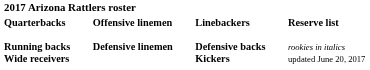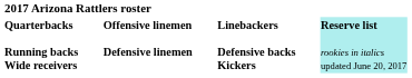 <table class="toccolours" style="text-align: left;">
 <tr>
 <th colspan="7"><strong>2017 Arizona Rattlers roster</strong></th>
 </tr>
 <tr>
 <td style="font-size: 95%;vertical-align:top;"><strong>Quarterbacks</strong><br>  <br><strong>Running backs</strong>  <br><strong>Wide receivers</strong>     </td>
 <td style="width: 25px;"></td>
 <td style="font-size: 95%;vertical-align:top;"><strong>Offensive linemen</strong><br>   <br><strong>Defensive linemen</strong>    </td>
 <td style="width: 25px;"></td>
 <td style="font-size: 95%;vertical-align:top;"><strong>Linebackers</strong><br><br><strong>Defensive backs</strong>     <br><strong>Kickers</strong> </td>
 <td style="width: 25px;"></td>
-<td style="font-size: 95%;vertical-align:top;"><strong>Reserve list</strong><br>             <br><small><em>rookies in italics</em><br><span></span> updated June 20, 2017</small><br> </td>
+<td style="background: paleturquoise; font-size: 95%;vertical-align:top;"><strong>Reserve list</strong><br>             <br><small><em>rookies in italics</em><br><span></span> updated June 20, 2017</small><br> </td>
 </tr>
 <tr>
 </tr>
 </table>
